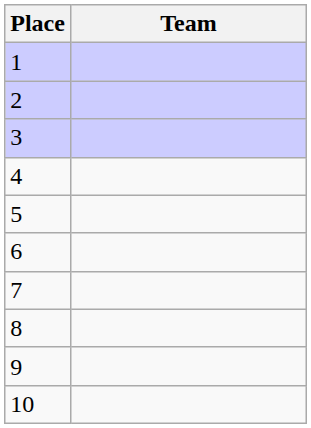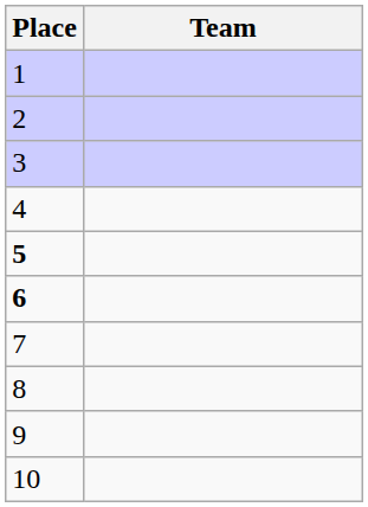 <table class="wikitable">
 <tr>
 <th width=30>Place</th>
 <th width=150>Team</th>
 </tr>
 <tr bgcolor=#ccccff>
 <td>1</td>
 <td></td>
 </tr>
 <tr bgcolor=#ccccff>
 <td>2</td>
 <td></td>
 </tr>
 <tr bgcolor=#ccccff>
 <td>3</td>
 <td></td>
 </tr>
 <tr>
 <td>4</td>
 <td></td>
 </tr>
 <tr>
-<td>5</td>
+<td><strong>5</strong></td>
 <td></td>
 </tr>
 <tr>
-<td>6</td>
+<td><strong>6</strong></td>
 <td></td>
 </tr>
 <tr>
 <td>7</td>
 <td></td>
 </tr>
 <tr>
 <td>8</td>
 <td></td>
 </tr>
 <tr>
 <td>9</td>
 <td></td>
 </tr>
 <tr>
 <td>10</td>
 <td></td>
 </tr>
 </table>
